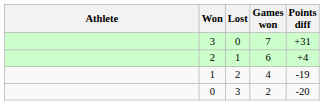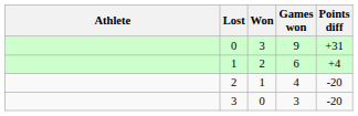 <table class="wikitable">
 <tr>
 <th style="width:18em">Athlete</th>
+<th>Lost</th>
 <th>Won</th>
-<th>Lost</th>
 <th>Games<br>won</th>
 <th>Points<br>diff</th>
 </tr>
 <tr bgcolor="#ccffcc">
 <td></td>
+<td align="center">0</td>
 <td align="center">3</td>
-<td align="center">0</td>
-<td align="center">7</td>
+<td align="center">9</td>
 <td align="center">+31</td>
 </tr>
 <tr bgcolor="#ccffcc">
 <td></td>
+<td align="center">1</td>
 <td align="center">2</td>
-<td align="center">1</td>
 <td align="center">6</td>
 <td align="center">+4</td>
 </tr>
 <tr>
 <td></td>
+<td align="center">2</td>
 <td align="center">1</td>
-<td align="center">2</td>
 <td align="center">4</td>
-<td align="center">-19</td>
+<td align="center">-20</td>
 </tr>
 <tr>
 <td></td>
+<td align="center">3</td>
 <td align="center">0</td>
 <td align="center">3</td>
-<td align="center">2</td>
 <td align="center">-20</td>
 </tr>
 </table>
